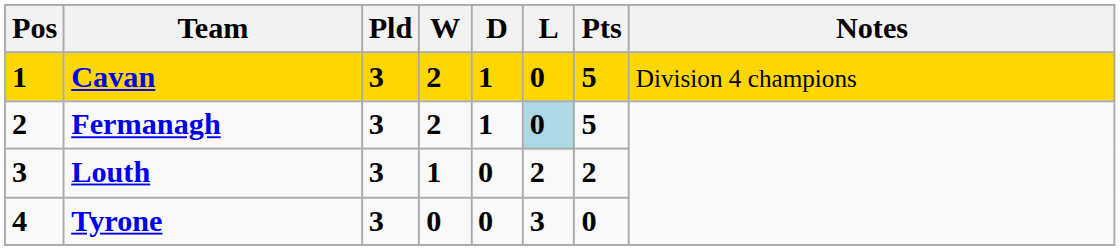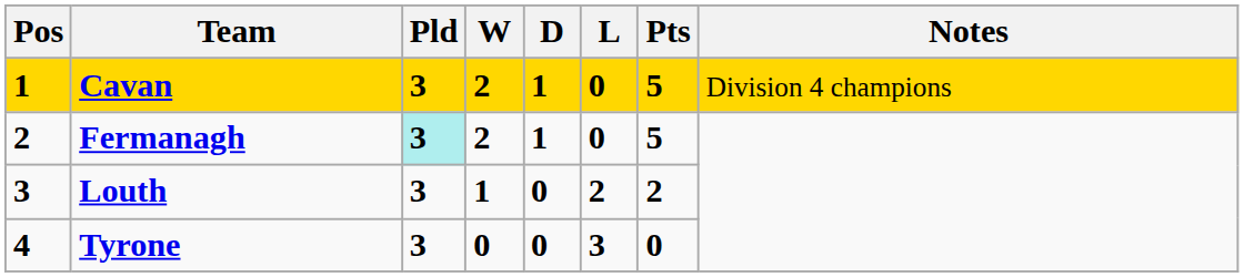 <table class="wikitable" style="text-align: centre;">
 <tr>
 <th width=20>Pos</th>
 <th width=150>Team</th>
 <th width=20>Pld</th>
 <th width=20>W</th>
 <th width=20>D</th>
 <th width=20>L</th>
 <th width=20>Pts</th>
 <th width=250>Notes</th>
 </tr>
 <tr style="background:gold;">
 <td><strong>1</strong></td>
 <td align=left><strong> <a href='#'>Cavan</a> </strong></td>
 <td><strong>3</strong></td>
 <td><strong>2</strong></td>
 <td><strong>1</strong></td>
 <td><strong>0</strong></td>
 <td><strong>5</strong></td>
 <td><small> Division 4 champions</small></td>
 </tr>
 <tr>
 <td><strong>2</strong></td>
 <td align=left><strong> <a href='#'>Fermanagh</a> </strong></td>
-<td><strong>3</strong></td>
+<td style="background: paleturquoise;"><strong>3</strong></td>
 <td><strong>2</strong></td>
 <td><strong>1</strong></td>
-<td style="background: lightblue;"><strong>0</strong></td>
+<td><strong>0</strong></td>
 <td><strong>5</strong></td>
 </tr>
 <tr>
 <td><strong>3</strong></td>
 <td align=left><strong> <a href='#'>Louth</a> </strong></td>
 <td><strong>3</strong></td>
 <td><strong>1</strong></td>
 <td><strong>0</strong></td>
 <td><strong>2</strong></td>
 <td><strong>2</strong></td>
 </tr>
 <tr>
 <td><strong>4</strong></td>
 <td align=left><strong> <a href='#'>Tyrone</a> </strong></td>
 <td><strong>3</strong></td>
 <td><strong>0</strong></td>
 <td><strong>0</strong></td>
 <td><strong>3</strong></td>
 <td><strong>0</strong></td>
 </tr>
 </table>
